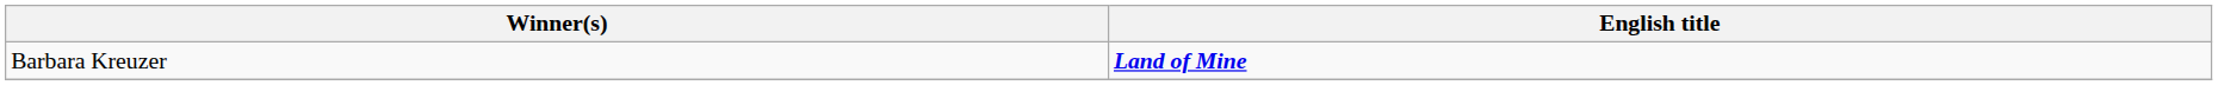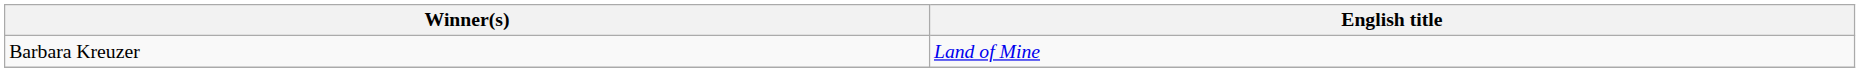 <table class="wikitable" width="95%" cellpadding="5">
 <tr>
 <th width="18%">Winner(s)</th>
 <th width="18%">English title</th>
 </tr>
 <tr>
 <td> Barbara Kreuzer</td>
-<td><strong><em><a href='#'>Land of Mine</a></em></strong></td>
+<td><em><a href='#'>Land of Mine</a></em></td>
 </tr>
 <tr>
 </tr>
 </table>
